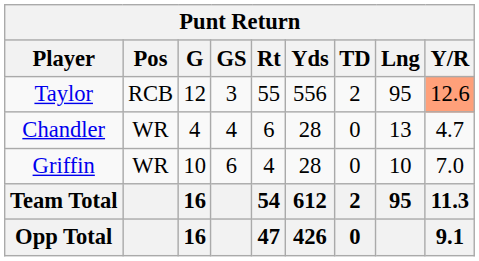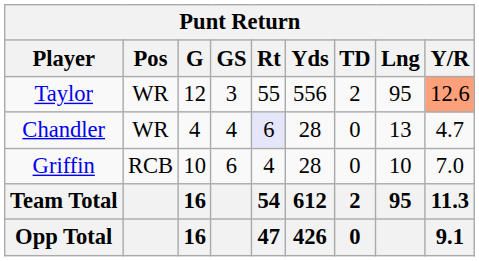 <table class="wikitable" style="text-align:center">
 <tr>
 <th colspan="9">Punt Return</th>
 </tr>
 <tr>
 <th>Player</th>
 <th>Pos</th>
 <th>G</th>
 <th>GS</th>
 <th>Rt</th>
 <th>Yds</th>
 <th>TD</th>
 <th>Lng</th>
 <th>Y/R</th>
 </tr>
 <tr>
 <td><a href='#'>Taylor</a></td>
-<td>RCB</td>
+<td>WR</td>
 <td>12</td>
 <td>3</td>
 <td>55</td>
 <td>556</td>
 <td>2</td>
 <td>95</td>
 <td style="background: lightsalmon;">12.6</td>
 </tr>
 <tr>
 <td><a href='#'>Chandler</a></td>
 <td>WR</td>
 <td>4</td>
 <td>4</td>
-<td>6</td>
+<td style="background: lavender;">6</td>
 <td>28</td>
 <td>0</td>
 <td>13</td>
 <td>4.7</td>
 </tr>
 <tr>
 <td><a href='#'>Griffin</a></td>
-<td>WR</td>
+<td>RCB</td>
 <td>10</td>
 <td>6</td>
 <td>4</td>
 <td>28</td>
 <td>0</td>
 <td>10</td>
 <td>7.0</td>
 </tr>
 <tr>
 <th>Team Total</th>
 <th></th>
 <th>16</th>
 <th></th>
 <th>54</th>
 <th>612</th>
 <th>2</th>
 <th>95</th>
 <th>11.3</th>
 </tr>
 <tr>
 <th>Opp Total</th>
 <th></th>
 <th>16</th>
 <th></th>
 <th>47</th>
 <th>426</th>
 <th>0</th>
 <th></th>
 <th>9.1</th>
 </tr>
 </table>
